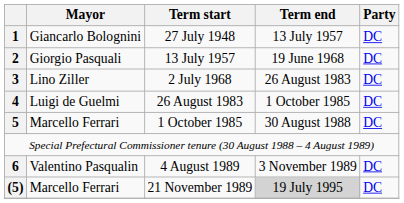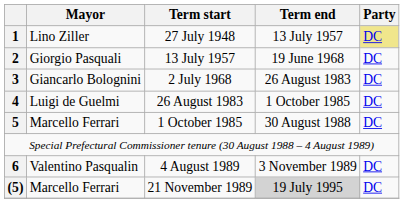 <table class="wikitable">
 <tr>
 <th class=unsortable> </th>
 <th>Mayor</th>
 <th>Term start</th>
 <th>Term end</th>
 <th>Party</th>
 </tr>
 <tr>
 <th style="background:">1</th>
-<td>Giancarlo Bolognini</td>
+<td>Lino Ziller</td>
 <td align=center>27 July 1948</td>
 <td align=center>13 July 1957</td>
-<td><a href='#'>DC</a></td>
+<td style="background: khaki;"><a href='#'>DC</a></td>
 </tr>
 <tr>
 <th style="background:">2</th>
 <td>Giorgio Pasquali</td>
 <td align=center>13 July 1957</td>
 <td align=center>19 June 1968</td>
 <td><a href='#'>DC</a></td>
 </tr>
 <tr>
 <th style="background:">3</th>
-<td>Lino Ziller</td>
+<td>Giancarlo Bolognini</td>
 <td align=center>2 July 1968</td>
 <td align=center>26 August 1983</td>
 <td><a href='#'>DC</a></td>
 </tr>
 <tr>
 <th style="background:">4</th>
 <td>Luigi de Guelmi</td>
 <td align=center>26 August 1983</td>
 <td align=center>1 October 1985</td>
 <td><a href='#'>DC</a></td>
 </tr>
 <tr>
 <th style="background:">5</th>
 <td>Marcello Ferrari</td>
 <td align=center>1 October 1985</td>
 <td align=center>30 August 1988</td>
 <td><a href='#'>DC</a></td>
 </tr>
 <tr>
 <td colspan=5 align=center><small><em>Special Prefectural Commissioner tenure (30 August 1988 – 4 August 1989)</em></small></td>
 </tr>
 <tr>
 <th style="background:">6</th>
 <td>Valentino Pasqualin</td>
 <td align=center>4 August 1989</td>
 <td align=center>3 November 1989</td>
 <td><a href='#'>DC</a></td>
 </tr>
 <tr>
 <th style="background:">(5)</th>
 <td>Marcello Ferrari</td>
 <td align=center>21 November 1989</td>
 <td align=center style="background: lightgrey;">19 July 1995</td>
 <td><a href='#'>DC</a></td>
 </tr>
 <tr>
 </tr>
 </table>
